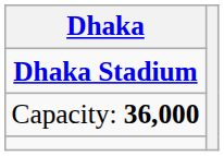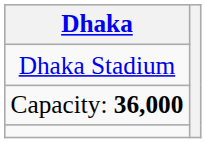 <table class="wikitable" style="text-align:center">
 <tr>
 <th><a href='#'>Dhaka</a></th>
 <th rowspan="4"></th>
 </tr>
 <tr>
-<td><strong><a href='#'>Dhaka Stadium</a></strong></td>
+<td><a href='#'>Dhaka Stadium</a></td>
 </tr>
 <tr>
 <td>Capacity: <strong>36,000</strong></td>
 </tr>
 <tr>
 <td></td>
 </tr>
 </table>
